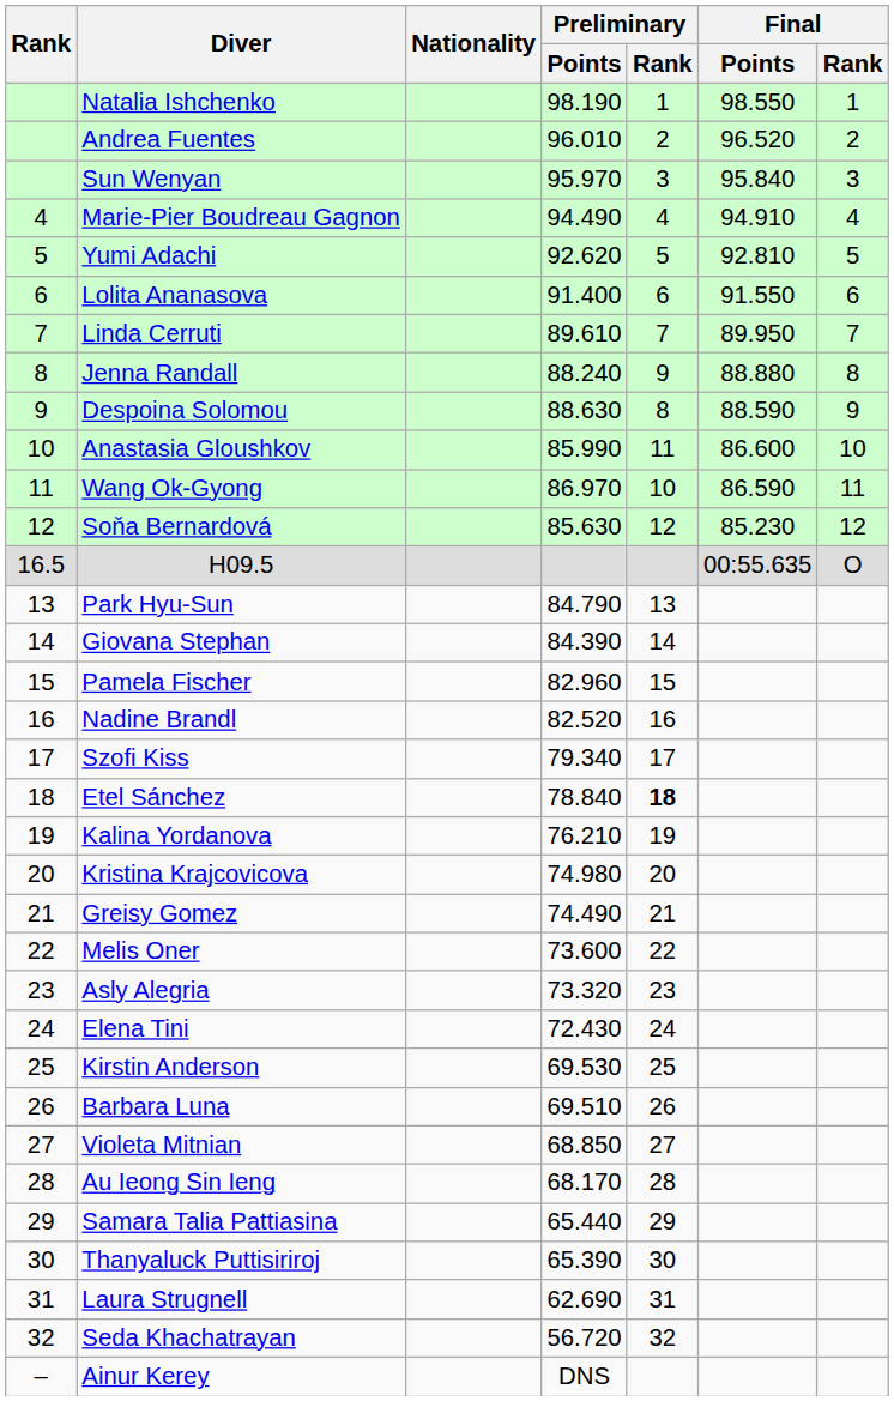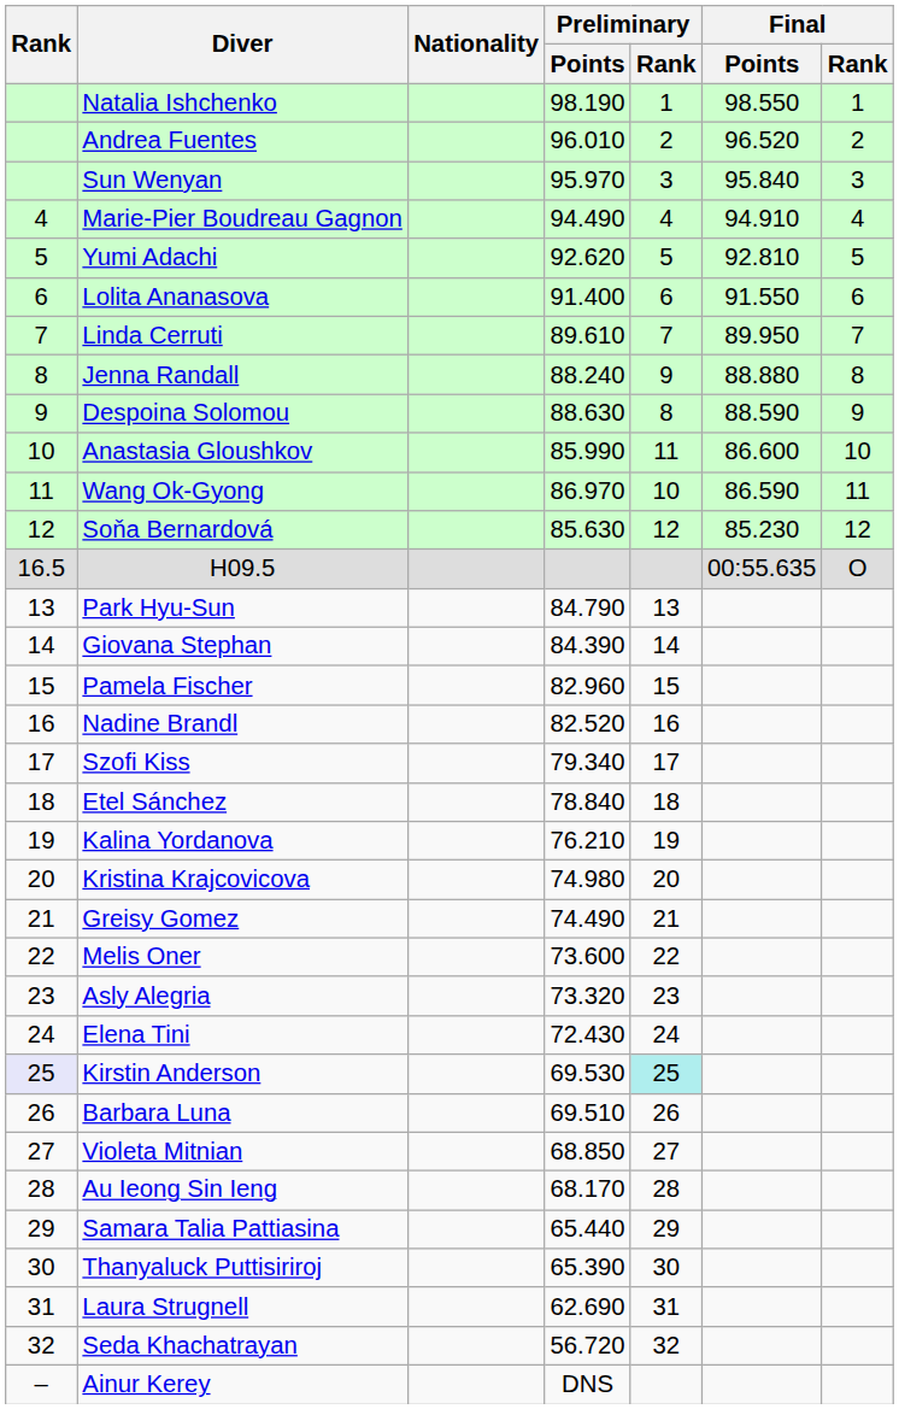 <table class="wikitable" style="text-align:center">
 <tr>
 <th rowspan="2">Rank</th>
 <th rowspan="2">Diver</th>
 <th rowspan="2">Nationality</th>
 <th colspan="2">Preliminary</th>
 <th colspan="2">Final</th>
 </tr>
 <tr>
 <th>Points</th>
 <th>Rank</th>
 <th>Points</th>
 <th>Rank</th>
 </tr>
 <tr bgcolor=ccffcc>
 <td></td>
 <td align=left><a href='#'>Natalia Ishchenko</a></td>
 <td align=left></td>
 <td>98.190</td>
 <td>1</td>
 <td>98.550</td>
 <td>1</td>
 </tr>
 <tr bgcolor=ccffcc>
 <td></td>
 <td align=left><a href='#'>Andrea Fuentes</a></td>
 <td align=left></td>
 <td>96.010</td>
 <td>2</td>
 <td>96.520</td>
 <td>2</td>
 </tr>
 <tr bgcolor=ccffcc>
 <td></td>
 <td align=left><a href='#'>Sun Wenyan</a></td>
 <td align=left></td>
 <td>95.970</td>
 <td>3</td>
 <td>95.840</td>
 <td>3</td>
 </tr>
 <tr bgcolor=ccffcc>
 <td>4</td>
 <td align=left><a href='#'>Marie-Pier Boudreau Gagnon</a></td>
 <td align=left></td>
 <td>94.490</td>
 <td>4</td>
 <td>94.910</td>
 <td>4</td>
 </tr>
 <tr bgcolor=ccffcc>
 <td>5</td>
 <td align=left><a href='#'>Yumi Adachi</a></td>
 <td align=left></td>
 <td>92.620</td>
 <td>5</td>
 <td>92.810</td>
 <td>5</td>
 </tr>
 <tr bgcolor=ccffcc>
 <td>6</td>
 <td align=left><a href='#'>Lolita Ananasova</a></td>
 <td align=left></td>
 <td>91.400</td>
 <td>6</td>
 <td>91.550</td>
 <td>6</td>
 </tr>
 <tr bgcolor=ccffcc>
 <td>7</td>
 <td align=left><a href='#'>Linda Cerruti</a></td>
 <td align=left></td>
 <td>89.610</td>
 <td>7</td>
 <td>89.950</td>
 <td>7</td>
 </tr>
 <tr bgcolor=ccffcc>
 <td>8</td>
 <td align=left><a href='#'>Jenna Randall</a></td>
 <td align=left></td>
 <td>88.240</td>
 <td>9</td>
 <td>88.880</td>
 <td>8</td>
 </tr>
 <tr bgcolor=ccffcc>
 <td>9</td>
 <td align=left><a href='#'>Despoina Solomou</a></td>
 <td align=left></td>
 <td>88.630</td>
 <td>8</td>
 <td>88.590</td>
 <td>9</td>
 </tr>
 <tr bgcolor=ccffcc>
 <td>10</td>
 <td align=left><a href='#'>Anastasia Gloushkov</a></td>
 <td align=left></td>
 <td>85.990</td>
 <td>11</td>
 <td>86.600</td>
 <td>10</td>
 </tr>
 <tr bgcolor=ccffcc>
 <td>11</td>
 <td align=left><a href='#'>Wang Ok-Gyong</a></td>
 <td align=left></td>
 <td>86.970</td>
 <td>10</td>
 <td>86.590</td>
 <td>11</td>
 </tr>
 <tr bgcolor=ccffcc>
 <td>12</td>
 <td align=left><a href='#'>Soňa Bernardová</a></td>
 <td align=left></td>
 <td>85.630</td>
 <td>12</td>
 <td>85.230</td>
 <td>12</td>
 </tr>
 <tr bgcolor=#DDDDDD>
 <td><span>16.5</span></td>
 <td><span>H09.5</span></td>
 <td></td>
 <td></td>
 <td></td>
 <td><span>00:55.635</span></td>
 <td><span>O</span></td>
 </tr>
 <tr>
 <td>13</td>
 <td align=left><a href='#'>Park Hyu-Sun</a></td>
 <td align=left></td>
 <td>84.790</td>
 <td>13</td>
 <td></td>
 <td></td>
 </tr>
 <tr>
 <td>14</td>
 <td align=left><a href='#'>Giovana Stephan</a></td>
 <td align=left></td>
 <td>84.390</td>
 <td>14</td>
 <td></td>
 <td></td>
 </tr>
 <tr>
 <td>15</td>
 <td align=left><a href='#'>Pamela Fischer</a></td>
 <td align=left></td>
 <td>82.960</td>
 <td>15</td>
 <td></td>
 <td></td>
 </tr>
 <tr>
 <td>16</td>
 <td align=left><a href='#'>Nadine Brandl</a></td>
 <td align=left></td>
 <td>82.520</td>
 <td>16</td>
 <td></td>
 <td></td>
 </tr>
 <tr>
 <td>17</td>
 <td align=left><a href='#'>Szofi Kiss</a></td>
 <td align=left></td>
 <td>79.340</td>
 <td>17</td>
 <td></td>
 <td></td>
 </tr>
 <tr>
 <td>18</td>
 <td align=left><a href='#'>Etel Sánchez</a></td>
 <td align=left></td>
 <td>78.840</td>
-<td><strong>18</strong></td>
+<td>18</td>
 <td></td>
 <td></td>
 </tr>
 <tr>
 <td>19</td>
 <td align=left><a href='#'>Kalina Yordanova</a></td>
 <td align=left></td>
 <td>76.210</td>
 <td>19</td>
 <td></td>
 <td></td>
 </tr>
 <tr>
 <td>20</td>
 <td align=left><a href='#'>Kristina Krajcovicova</a></td>
 <td align=left></td>
 <td>74.980</td>
 <td>20</td>
 <td></td>
 <td></td>
 </tr>
 <tr>
 <td>21</td>
 <td align=left><a href='#'>Greisy Gomez</a></td>
 <td align=left></td>
 <td>74.490</td>
 <td>21</td>
 <td></td>
 <td></td>
 </tr>
 <tr>
 <td>22</td>
 <td align=left><a href='#'>Melis Oner</a></td>
 <td align=left></td>
 <td>73.600</td>
 <td>22</td>
 <td></td>
 <td></td>
 </tr>
 <tr>
 <td>23</td>
 <td align=left><a href='#'>Asly Alegria</a></td>
 <td align=left></td>
 <td>73.320</td>
 <td>23</td>
 <td></td>
 <td></td>
 </tr>
 <tr>
 <td>24</td>
 <td align=left><a href='#'>Elena Tini</a></td>
 <td align=left></td>
 <td>72.430</td>
 <td>24</td>
 <td></td>
 <td></td>
 </tr>
 <tr>
-<td>25</td>
+<td style="background: lavender;">25</td>
 <td align=left><a href='#'>Kirstin Anderson</a></td>
 <td align=left></td>
 <td>69.530</td>
-<td>25</td>
+<td style="background: paleturquoise;">25</td>
 <td></td>
 <td></td>
 </tr>
 <tr>
 <td>26</td>
 <td align=left><a href='#'>Barbara Luna</a></td>
 <td align=left></td>
 <td>69.510</td>
 <td>26</td>
 <td></td>
 <td></td>
 </tr>
 <tr>
 <td>27</td>
 <td align=left><a href='#'>Violeta Mitnian</a></td>
 <td align=left></td>
 <td>68.850</td>
 <td>27</td>
 <td></td>
 <td></td>
 </tr>
 <tr>
 <td>28</td>
 <td align=left><a href='#'>Au Ieong Sin Ieng</a></td>
 <td align=left></td>
 <td>68.170</td>
 <td>28</td>
 <td></td>
 <td></td>
 </tr>
 <tr>
 <td>29</td>
 <td align=left><a href='#'>Samara Talia Pattiasina</a></td>
 <td align=left></td>
 <td>65.440</td>
 <td>29</td>
 <td></td>
 <td></td>
 </tr>
 <tr>
 <td>30</td>
 <td align=left><a href='#'>Thanyaluck Puttisiriroj</a></td>
 <td align=left></td>
 <td>65.390</td>
 <td>30</td>
 <td></td>
 <td></td>
 </tr>
 <tr>
 <td>31</td>
 <td align=left><a href='#'>Laura Strugnell</a></td>
 <td align=left></td>
 <td>62.690</td>
 <td>31</td>
 <td></td>
 <td></td>
 </tr>
 <tr>
 <td>32</td>
 <td align=left><a href='#'>Seda Khachatrayan</a></td>
 <td align=left></td>
 <td>56.720</td>
 <td>32</td>
 <td></td>
 <td></td>
 </tr>
 <tr>
 <td>–</td>
 <td align=left><a href='#'>Ainur Kerey</a></td>
 <td align=left></td>
 <td>DNS</td>
 <td></td>
 <td></td>
 <td></td>
 </tr>
 </table>
